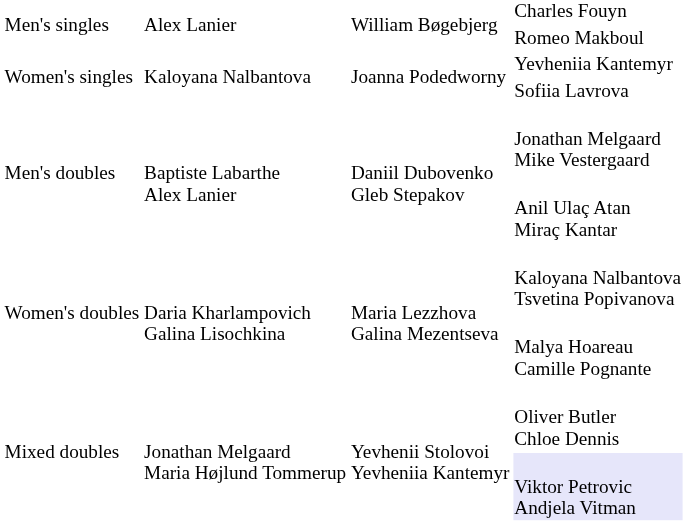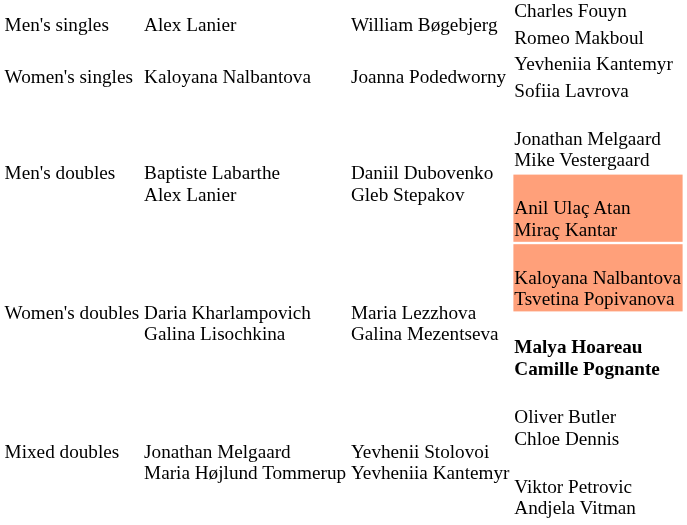 <table>
 <tr>
 <td rowspan=2>Men's singles</td>
 <td rowspan=2>Alex Lanier<br></td>
 <td rowspan=2>William Bøgebjerg<br></td>
 <td>Charles Fouyn<br></td>
 </tr>
 <tr>
 <td>Romeo Makboul<br></td>
 </tr>
 <tr>
 <td rowspan=2>Women's singles</td>
 <td rowspan=2>Kaloyana Nalbantova<br></td>
 <td rowspan=2>Joanna Podedworny<br></td>
 <td>Yevheniia Kantemyr<br></td>
 </tr>
 <tr>
 <td>Sofiia Lavrova<br></td>
 </tr>
 <tr>
 <td rowspan=2>Men's doubles</td>
 <td rowspan=2><br>Baptiste Labarthe<br>Alex Lanier</td>
 <td rowspan=2><br>Daniil Dubovenko<br>Gleb Stepakov</td>
 <td><br>Jonathan Melgaard<br>Mike Vestergaard</td>
 </tr>
 <tr>
-<td><br>Anil Ulaç Atan<br>Miraç Kantar</td>
+<td style="background: lightsalmon;"><br>Anil Ulaç Atan<br>Miraç Kantar</td>
 </tr>
 <tr>
 <td rowspan=2>Women's doubles</td>
 <td rowspan=2><br>Daria Kharlampovich<br>Galina Lisochkina</td>
 <td rowspan=2><br>Maria Lezzhova<br>Galina Mezentseva</td>
-<td><br>Kaloyana Nalbantova<br>Tsvetina Popivanova</td>
+<td style="background: lightsalmon;"><br>Kaloyana Nalbantova<br>Tsvetina Popivanova</td>
 </tr>
 <tr>
-<td><br>Malya Hoareau<br>Camille Pognante</td>
+<td><strong><br>Malya Hoareau<br>Camille Pognante</strong></td>
 </tr>
 <tr>
 <td rowspan=2>Mixed doubles</td>
 <td rowspan=2><br>Jonathan Melgaard<br>Maria Højlund Tommerup</td>
 <td rowspan=2><br>Yevhenii Stolovoi<br>Yevheniia Kantemyr</td>
 <td><br>Oliver Butler<br>Chloe Dennis</td>
 </tr>
 <tr>
-<td style="background: lavender;"><br>Viktor Petrovic<br>Andjela Vitman</td>
+<td><br>Viktor Petrovic<br>Andjela Vitman</td>
 </tr>
 </table>
